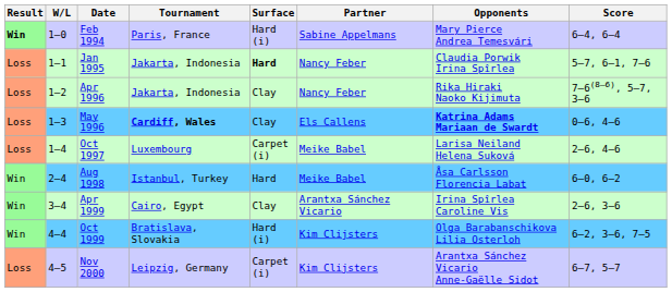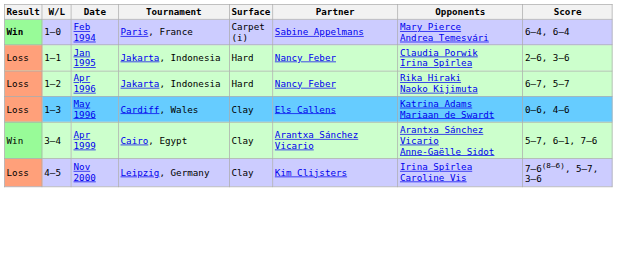 <table class="sortable wikitable">
 <tr>
 <th style="width:40px">Result</th>
 <th style="width:35px" class="unsortable">W/L</th>
 <th style="width:60px">Date</th>
 <th style="width:150px">Tournament</th>
 <th style="width:55px">Surface</th>
 <th style="width:170px">Partner</th>
 <th style="width:170px">Opponents</th>
 <th style="width:120px" class="unsortable">Score</th>
 </tr>
 <tr bgcolor="ccccff">
 <td style="background:#98fb98;"><strong>Win</strong></td>
 <td>1–0</td>
 <td><a href='#'>Feb 1994</a></td>
 <td><a href='#'>Paris</a>, France</td>
-<td>Hard (i)</td>
+<td>Carpet (i)</td>
 <td> <a href='#'>Sabine Appelmans</a></td>
 <td> <a href='#'>Mary Pierce</a> <br>  <a href='#'>Andrea Temesvári</a></td>
 <td>6–4, 6–4</td>
 </tr>
 <tr style="background:#ccffcc;">
 <td style="background:#ffa07a;">Loss</td>
 <td>1–1</td>
 <td><a href='#'>Jan 1995</a></td>
 <td><a href='#'>Jakarta</a>, Indonesia</td>
-<td><strong>Hard</strong></td>
+<td>Hard</td>
 <td> <a href='#'>Nancy Feber</a></td>
 <td> <a href='#'>Claudia Porwik</a> <br>  <a href='#'>Irina Spîrlea</a></td>
-<td>5–7, 6–1, 7–6</td>
+<td>2–6, 3–6</td>
 </tr>
 <tr style="background:#ccffcc;">
 <td style="background:#ffa07a;">Loss</td>
 <td>1–2</td>
 <td><a href='#'>Apr 1996</a></td>
 <td><a href='#'>Jakarta</a>, Indonesia</td>
-<td>Clay</td>
+<td>Hard</td>
 <td> <a href='#'>Nancy Feber</a></td>
 <td> <a href='#'>Rika Hiraki</a> <br>  <a href='#'>Naoko Kijimuta</a></td>
-<td>7–6<sup>(8–6)</sup>, 5–7, 3–6</td>
+<td>6–7, 5–7</td>
 </tr>
 <tr style="background:#66ccff;">
 <td style="background:#ffa07a;">Loss</td>
 <td>1–3</td>
 <td><a href='#'>May 1996</a></td>
-<td><strong><a href='#'>Cardiff</a>, Wales</strong></td>
+<td><a href='#'>Cardiff</a>, Wales</td>
 <td>Clay</td>
 <td> <a href='#'>Els Callens</a></td>
-<td><strong> <a href='#'>Katrina Adams</a> <br>  <a href='#'>Mariaan de Swardt</a></strong></td>
+<td> <a href='#'>Katrina Adams</a> <br>  <a href='#'>Mariaan de Swardt</a></td>
 <td>0–6, 4–6</td>
-</tr>
-<tr style="background:#ccffcc;">
-<td style="background:#ffa07a;">Loss</td>
-<td>1–4</td>
-<td><a href='#'>Oct 1997</a></td>
-<td><a href='#'>Luxembourg</a></td>
-<td>Carpet (i)</td>
-<td> <a href='#'>Meike Babel</a></td>
-<td> <a href='#'>Larisa Neiland</a> <br>  <a href='#'>Helena Suková</a></td>
-<td>2–6, 4–6</td>
-</tr>
-<tr style="background:#66ccff;">
-<td style="background:#98fb98;">Win</td>
-<td>2–4</td>
-<td><a href='#'>Aug 1998</a></td>
-<td><a href='#'>Istanbul</a>, Turkey</td>
-<td>Hard</td>
-<td> <a href='#'>Meike Babel</a></td>
-<td> <a href='#'>Åsa Carlsson</a> <br>  <a href='#'>Florencia Labat</a></td>
-<td>6–0, 6–2</td>
 </tr>
 <tr style="background:#ccffcc;">
 <td style="background:#98fb98;">Win</td>
 <td>3–4</td>
 <td><a href='#'>Apr 1999</a></td>
 <td><a href='#'>Cairo</a>, Egypt</td>
 <td>Clay</td>
 <td> <a href='#'>Arantxa Sánchez Vicario</a></td>
-<td> <a href='#'>Irina Spîrlea</a> <br>  <a href='#'>Caroline Vis</a></td>
-<td>2–6, 3–6</td>
-</tr>
-<tr style="background:#66ccff;">
-<td style="background:#98fb98;">Win</td>
-<td>4–4</td>
-<td><a href='#'>Oct 1999</a></td>
-<td><a href='#'>Bratislava</a>, Slovakia</td>
-<td>Hard (i)</td>
-<td> <a href='#'>Kim Clijsters</a></td>
-<td> <a href='#'>Olga Barabanschikova</a> <br>  <a href='#'>Lilia Osterloh</a></td>
-<td>6–2, 3–6, 7–5</td>
+<td> <a href='#'>Arantxa Sánchez Vicario</a> <br>  <a href='#'>Anne-Gaëlle Sidot</a></td>
+<td>5–7, 6–1, 7–6</td>
 </tr>
 <tr style="background:#ccccff;">
 <td style="background:#ffa07a;">Loss</td>
 <td>4–5</td>
 <td><a href='#'>Nov 2000</a></td>
 <td><a href='#'>Leipzig</a>, Germany</td>
-<td>Carpet (i)</td>
+<td>Clay</td>
 <td> <a href='#'>Kim Clijsters</a></td>
-<td> <a href='#'>Arantxa Sánchez Vicario</a> <br>  <a href='#'>Anne-Gaëlle Sidot</a></td>
-<td>6–7, 5–7</td>
+<td> <a href='#'>Irina Spîrlea</a> <br>  <a href='#'>Caroline Vis</a></td>
+<td>7–6<sup>(8–6)</sup>, 5–7, 3–6</td>
 </tr>
 </table>
